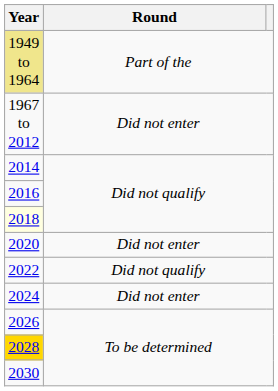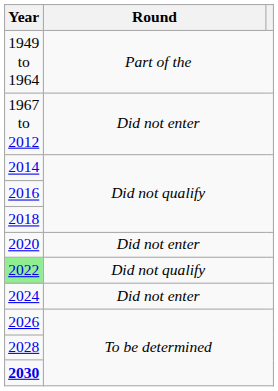 <table class="wikitable" style="text-align: center; font-size:90%">
 <tr>
 <th>Year</th>
 <th style="width:200px">Round</th>
 <th></th>
 </tr>
 <tr>
-<td style="background: khaki;">1949<br>to<br>1964</td>
+<td>1949<br>to<br>1964</td>
 <td colspan="2"><em>Part of the </em></td>
 </tr>
 <tr>
 <td>1967<br>to<br><a href='#'>2012</a></td>
 <td colspan="2"><em>Did not enter</em></td>
 </tr>
 <tr>
 <td><a href='#'>2014</a></td>
 <td colspan="2" rowspan="3"><em>Did not qualify</em></td>
 </tr>
 <tr>
 <td><a href='#'>2016</a></td>
 </tr>
 <tr>
-<td style="background: lightyellow;"><a href='#'>2018</a></td>
+<td><a href='#'>2018</a></td>
 </tr>
 <tr>
 <td><a href='#'>2020</a></td>
 <td colspan="2"><em>Did not enter</em></td>
 </tr>
 <tr>
-<td><a href='#'>2022</a></td>
+<td style="background: lightgreen;"><a href='#'>2022</a></td>
 <td colspan="2"><em>Did not qualify</em></td>
 </tr>
 <tr>
 <td><a href='#'>2024</a></td>
 <td colspan="2"><em>Did not enter</em></td>
 </tr>
 <tr>
 <td><a href='#'>2026</a></td>
 <td colspan="2" rowspan="3"><em>To be determined</em></td>
 </tr>
 <tr>
-<td style="background: gold;"><a href='#'>2028</a></td>
+<td><a href='#'>2028</a></td>
 </tr>
 <tr>
-<td><a href='#'>2030</a></td>
+<td><strong><a href='#'>2030</a></strong></td>
 </tr>
 </table>
